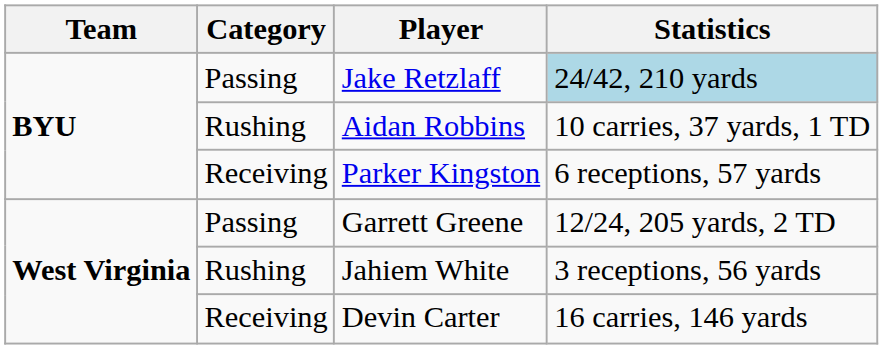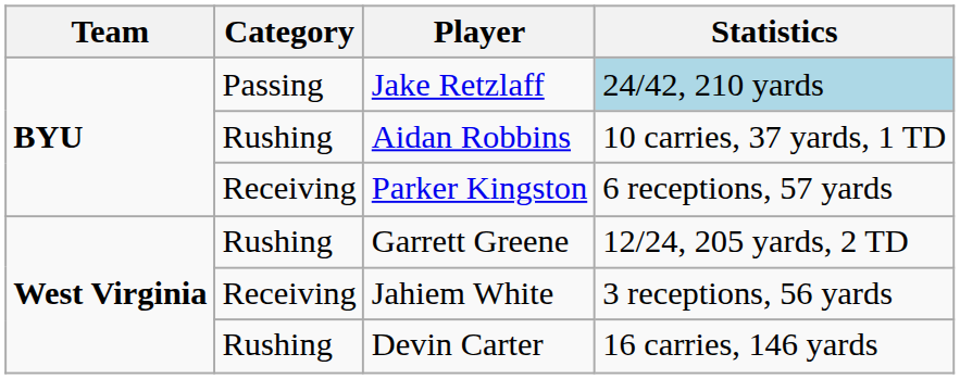 <table class="wikitable" style="float: right;">
 <tr>
 <th>Team</th>
 <th>Category</th>
 <th>Player</th>
 <th>Statistics</th>
 </tr>
 <tr>
 <td rowspan=3><strong>BYU</strong></td>
 <td>Passing</td>
 <td><a href='#'>Jake Retzlaff</a></td>
 <td style="background: lightblue;">24/42, 210 yards</td>
 </tr>
 <tr>
 <td>Rushing</td>
 <td><a href='#'>Aidan Robbins</a></td>
 <td>10 carries, 37 yards, 1 TD</td>
 </tr>
 <tr>
 <td>Receiving</td>
 <td><a href='#'>Parker Kingston</a></td>
 <td>6 receptions, 57 yards</td>
 </tr>
 <tr>
 <td rowspan=3><strong>West Virginia</strong></td>
-<td>Passing</td>
+<td>Rushing</td>
 <td>Garrett Greene</td>
 <td>12/24, 205 yards, 2 TD</td>
 </tr>
 <tr>
-<td>Rushing</td>
+<td>Receiving</td>
 <td>Jahiem White</td>
 <td>3 receptions, 56 yards</td>
 </tr>
 <tr>
-<td>Receiving</td>
+<td>Rushing</td>
 <td>Devin Carter</td>
 <td>16 carries, 146 yards</td>
 </tr>
 </table>
